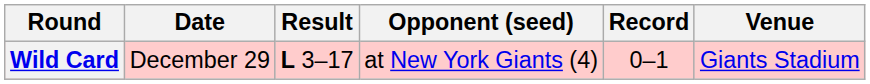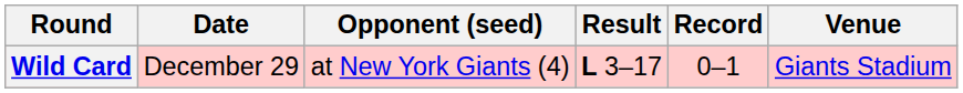 <table class="wikitable" style="text-align:center">
 <tr>
 <th>Round</th>
 <th>Date</th>
+<th>Opponent (seed)</th>
 <th>Result</th>
-<th>Opponent (seed)</th>
 <th>Record</th>
 <th>Venue</th>
 </tr>
 <tr style="background:#fcc">
 <th><a href='#'>Wild Card</a></th>
 <td>December 29</td>
+<td>at <a href='#'>New York Giants</a> (4)</td>
 <td><strong>L</strong> 3–17</td>
-<td>at <a href='#'>New York Giants</a> (4)</td>
 <td>0–1</td>
 <td><a href='#'>Giants Stadium</a></td>
 </tr>
 </table>
